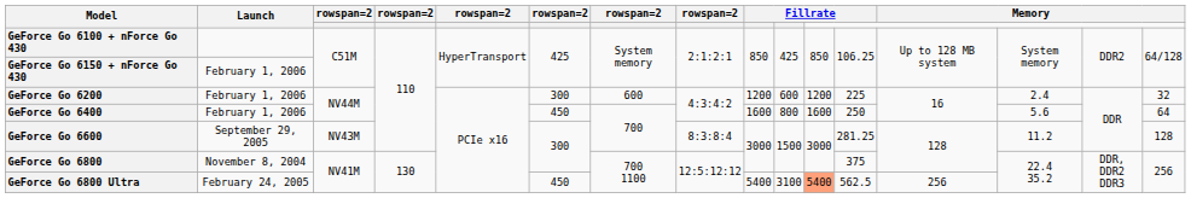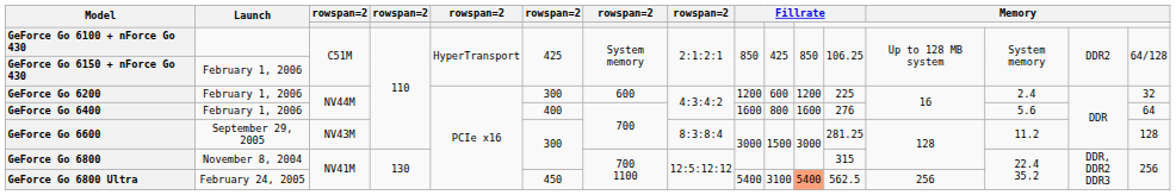 <table class="mw-datatable wikitable sortable" style="font-size:85%; text-align:center;">
 <tr>
 <th rowspan=2>Model</th>
 <th rowspan=2>Launch</th>
 <th>rowspan=2 </th>
 <th>rowspan=2 </th>
 <th>rowspan=2 </th>
 <th>rowspan=2 </th>
 <th>rowspan=2 </th>
 <th>rowspan=2 </th>
 <th colspan=4><a href='#'>Fillrate</a></th>
 <th colspan=4>Memory</th>
 </tr>
 <tr>
 <th></th>
 <th></th>
 <th></th>
 <th></th>
 <th></th>
 <th></th>
 <th></th>
 <th></th>
 </tr>
 <tr>
 <th style="text-align:left">GeForce Go 6100 + nForce Go 430</th>
 <td></td>
 <td rowspan="2">C51M</td>
 <td rowspan="5">110</td>
 <td rowspan="2">HyperTransport</td>
 <td rowspan="2">425</td>
 <td rowspan="2">System memory</td>
 <td rowspan="2">2:1:2:1</td>
 <td rowspan="2">850</td>
 <td rowspan="2">425</td>
 <td rowspan="2">850</td>
 <td rowspan="2">106.25</td>
 <td rowspan="2">Up to 128 MB system</td>
 <td rowspan="2">System memory</td>
 <td rowspan="2">DDR2</td>
 <td rowspan="2">64/128</td>
 </tr>
 <tr>
 <th style="text-align:left">GeForce Go 6150 + nForce Go 430</th>
 <td>February 1, 2006</td>
 </tr>
 <tr>
 <th style="text-align:left">GeForce Go 6200</th>
 <td>February 1, 2006</td>
 <td rowspan="2">NV44M</td>
 <td rowspan="5">PCIe x16</td>
 <td>300</td>
 <td>600</td>
 <td rowspan="2">4:3:4:2</td>
 <td>1200</td>
 <td>600</td>
 <td>1200</td>
 <td>225</td>
 <td rowspan="2">16</td>
 <td>2.4</td>
 <td rowspan="3">DDR</td>
 <td>32</td>
 </tr>
 <tr>
 <th style="text-align:left">GeForce Go 6400</th>
 <td>February 1, 2006</td>
-<td>450</td>
+<td>400</td>
 <td rowspan="2">700</td>
 <td>1600</td>
 <td>800</td>
 <td>1600</td>
-<td>250</td>
+<td>276</td>
 <td>5.6</td>
 <td>64</td>
 </tr>
 <tr>
 <th style="text-align:left">GeForce Go 6600</th>
 <td>September 29, 2005</td>
 <td>NV43M</td>
 <td rowspan="2">300</td>
 <td>8:3:8:4</td>
 <td rowspan="2">3000</td>
 <td rowspan="2">1500</td>
 <td rowspan="2">3000</td>
 <td>281.25</td>
 <td rowspan="2">128</td>
 <td>11.2</td>
 <td>128</td>
 </tr>
 <tr>
 <th style="text-align:left">GeForce Go 6800</th>
 <td>November 8, 2004</td>
 <td rowspan="2">NV41M</td>
 <td rowspan="2">130</td>
 <td rowspan="2">700<br>1100</td>
 <td rowspan="2">12:5:12:12</td>
-<td>375</td>
+<td>315</td>
 <td rowspan="2">22.4<br>35.2</td>
 <td rowspan="2">DDR, DDR2<br>DDR3</td>
 <td rowspan="2">256</td>
 </tr>
 <tr>
 <th style="text-align:left">GeForce Go 6800 Ultra</th>
 <td>February 24, 2005</td>
 <td>450</td>
 <td>5400</td>
 <td>3100</td>
 <td style="background: lightsalmon;">5400</td>
 <td>562.5</td>
 <td>256</td>
 </tr>
 </table>
